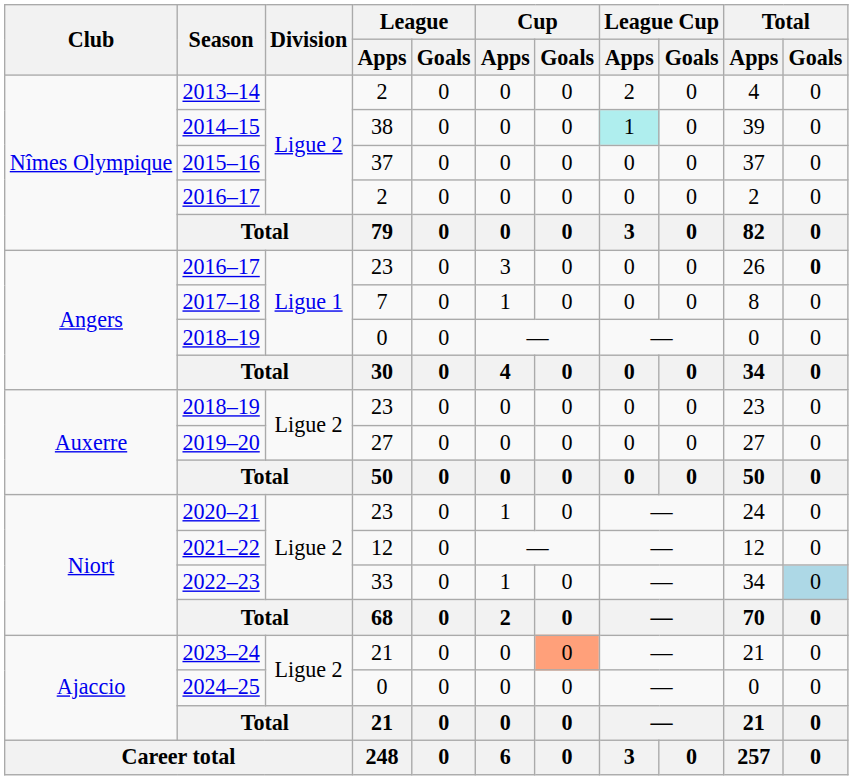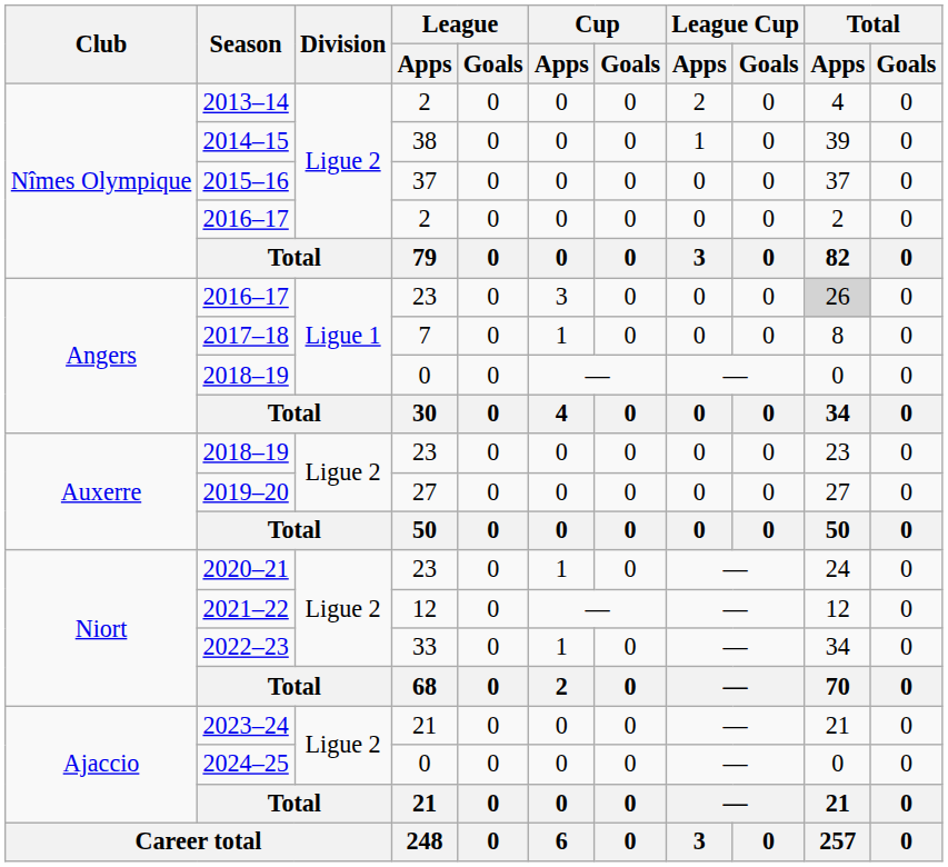 <table class="wikitable" style="text-align: center">
 <tr>
 <th rowspan="2">Club</th>
 <th rowspan="2">Season</th>
 <th rowspan="2">Division</th>
 <th colspan="2">League</th>
 <th colspan="2">Cup</th>
 <th colspan="2">League Cup</th>
 <th colspan="2">Total</th>
 </tr>
 <tr>
 <th>Apps</th>
 <th>Goals</th>
 <th>Apps</th>
 <th>Goals</th>
 <th>Apps</th>
 <th>Goals</th>
 <th>Apps</th>
 <th>Goals</th>
 </tr>
 <tr>
 <td rowspan="5"><a href='#'>Nîmes Olympique</a></td>
 <td><a href='#'>2013–14</a></td>
 <td rowspan="4"><a href='#'>Ligue 2</a></td>
 <td>2</td>
 <td>0</td>
 <td>0</td>
 <td>0</td>
 <td>2</td>
 <td>0</td>
 <td>4</td>
 <td>0</td>
 </tr>
 <tr>
 <td><a href='#'>2014–15</a></td>
 <td>38</td>
 <td>0</td>
 <td>0</td>
 <td>0</td>
-<td style="background: paleturquoise;">1</td>
+<td>1</td>
 <td>0</td>
 <td>39</td>
 <td>0</td>
 </tr>
 <tr>
 <td><a href='#'>2015–16</a></td>
 <td>37</td>
 <td>0</td>
 <td>0</td>
 <td>0</td>
 <td>0</td>
 <td>0</td>
 <td>37</td>
 <td>0</td>
 </tr>
 <tr>
 <td><a href='#'>2016–17</a></td>
 <td>2</td>
 <td>0</td>
 <td>0</td>
 <td>0</td>
 <td>0</td>
 <td>0</td>
 <td>2</td>
 <td>0</td>
 </tr>
 <tr>
 <th colspan="2">Total</th>
 <th>79</th>
 <th>0</th>
 <th>0</th>
 <th>0</th>
 <th>3</th>
 <th>0</th>
 <th>82</th>
 <th>0</th>
 </tr>
 <tr>
 <td rowspan="4"><a href='#'>Angers</a></td>
 <td><a href='#'>2016–17</a></td>
 <td rowspan="3"><a href='#'>Ligue 1</a></td>
 <td>23</td>
 <td>0</td>
 <td>3</td>
 <td>0</td>
 <td>0</td>
 <td>0</td>
-<td>26</td>
-<td><strong>0</strong></td>
+<td style="background: lightgrey;">26</td>
+<td>0</td>
 </tr>
 <tr>
 <td><a href='#'>2017–18</a></td>
 <td>7</td>
 <td>0</td>
 <td>1</td>
 <td>0</td>
 <td>0</td>
 <td>0</td>
 <td>8</td>
 <td>0</td>
 </tr>
 <tr>
 <td><a href='#'>2018–19</a></td>
 <td>0</td>
 <td>0</td>
 <td colspan="2">—</td>
 <td colspan="2">—</td>
 <td>0</td>
 <td>0</td>
 </tr>
 <tr>
 <th colspan="2">Total</th>
 <th>30</th>
 <th>0</th>
 <th>4</th>
 <th>0</th>
 <th>0</th>
 <th>0</th>
 <th>34</th>
 <th>0</th>
 </tr>
 <tr>
 <td rowspan="3"><a href='#'>Auxerre</a></td>
 <td><a href='#'>2018–19</a></td>
 <td rowspan="2">Ligue 2</td>
 <td>23</td>
 <td>0</td>
 <td>0</td>
 <td>0</td>
 <td>0</td>
 <td>0</td>
 <td>23</td>
 <td>0</td>
 </tr>
 <tr>
 <td><a href='#'>2019–20</a></td>
 <td>27</td>
 <td>0</td>
 <td>0</td>
 <td>0</td>
 <td>0</td>
 <td>0</td>
 <td>27</td>
 <td>0</td>
 </tr>
 <tr>
 <th colspan="2">Total</th>
 <th>50</th>
 <th>0</th>
 <th>0</th>
 <th>0</th>
 <th>0</th>
 <th>0</th>
 <th>50</th>
 <th>0</th>
 </tr>
 <tr>
 <td rowspan="4"><a href='#'>Niort</a></td>
 <td><a href='#'>2020–21</a></td>
 <td rowspan="3">Ligue 2</td>
 <td>23</td>
 <td>0</td>
 <td>1</td>
 <td>0</td>
 <td colspan="2">—</td>
 <td>24</td>
 <td>0</td>
 </tr>
 <tr>
 <td><a href='#'>2021–22</a></td>
 <td>12</td>
 <td>0</td>
 <td colspan="2">—</td>
 <td colspan="2">—</td>
 <td>12</td>
 <td>0</td>
 </tr>
 <tr>
 <td><a href='#'>2022–23</a></td>
 <td>33</td>
 <td>0</td>
 <td>1</td>
 <td>0</td>
 <td colspan=2>—</td>
 <td>34</td>
-<td style="background: lightblue;">0</td>
+<td>0</td>
 </tr>
 <tr>
 <th colspan="2">Total</th>
 <th>68</th>
 <th>0</th>
 <th>2</th>
 <th>0</th>
 <th colspan="2">—</th>
 <th>70</th>
 <th>0</th>
 </tr>
 <tr>
 <td rowspan="3"><a href='#'>Ajaccio</a></td>
 <td><a href='#'>2023–24</a></td>
 <td rowspan="2">Ligue 2</td>
 <td>21</td>
 <td>0</td>
 <td>0</td>
-<td style="background: lightsalmon;">0</td>
+<td>0</td>
 <td colspan="2">—</td>
 <td>21</td>
 <td>0</td>
 </tr>
 <tr>
 <td><a href='#'>2024–25</a></td>
 <td>0</td>
 <td>0</td>
 <td>0</td>
 <td>0</td>
 <td colspan=2>—</td>
 <td>0</td>
 <td>0</td>
 </tr>
 <tr>
 <th colspan="2">Total</th>
 <th>21</th>
 <th>0</th>
 <th>0</th>
 <th>0</th>
 <th colspan="2">—</th>
 <th>21</th>
 <th>0</th>
 </tr>
 <tr>
 <th colspan="3">Career total</th>
 <th>248</th>
 <th>0</th>
 <th>6</th>
 <th>0</th>
 <th>3</th>
 <th>0</th>
 <th>257</th>
 <th>0</th>
 </tr>
 </table>
